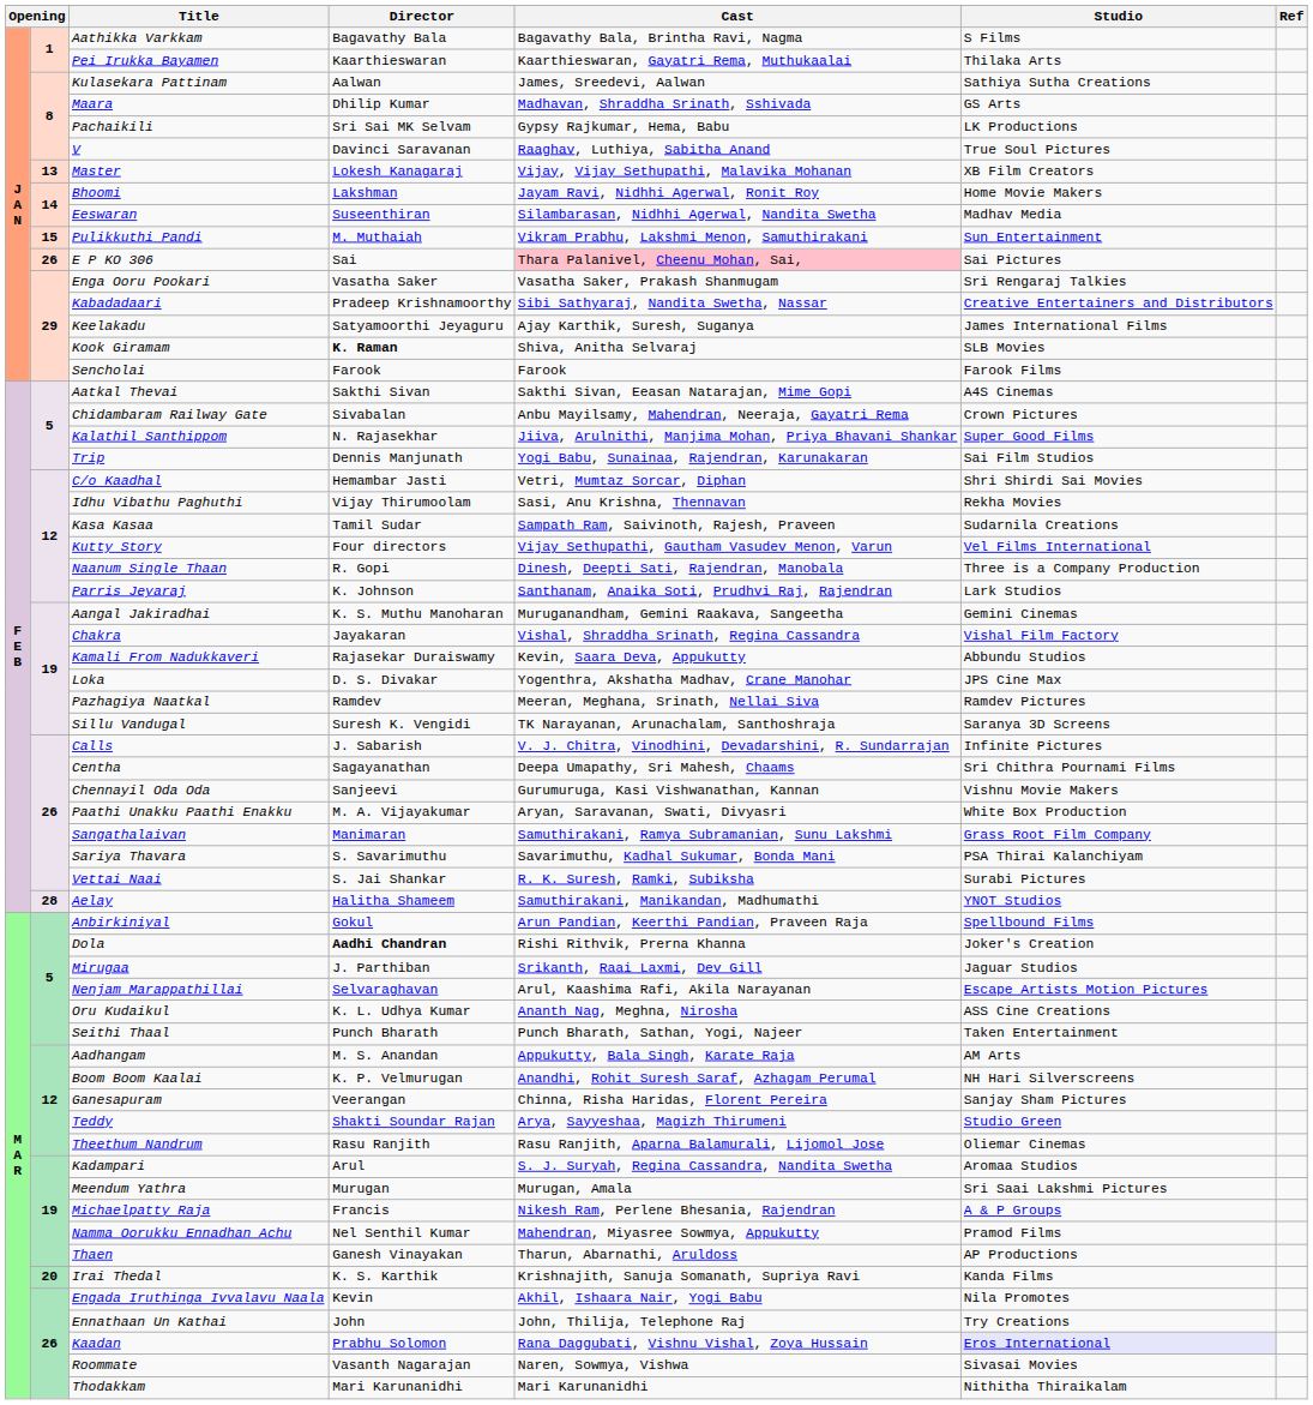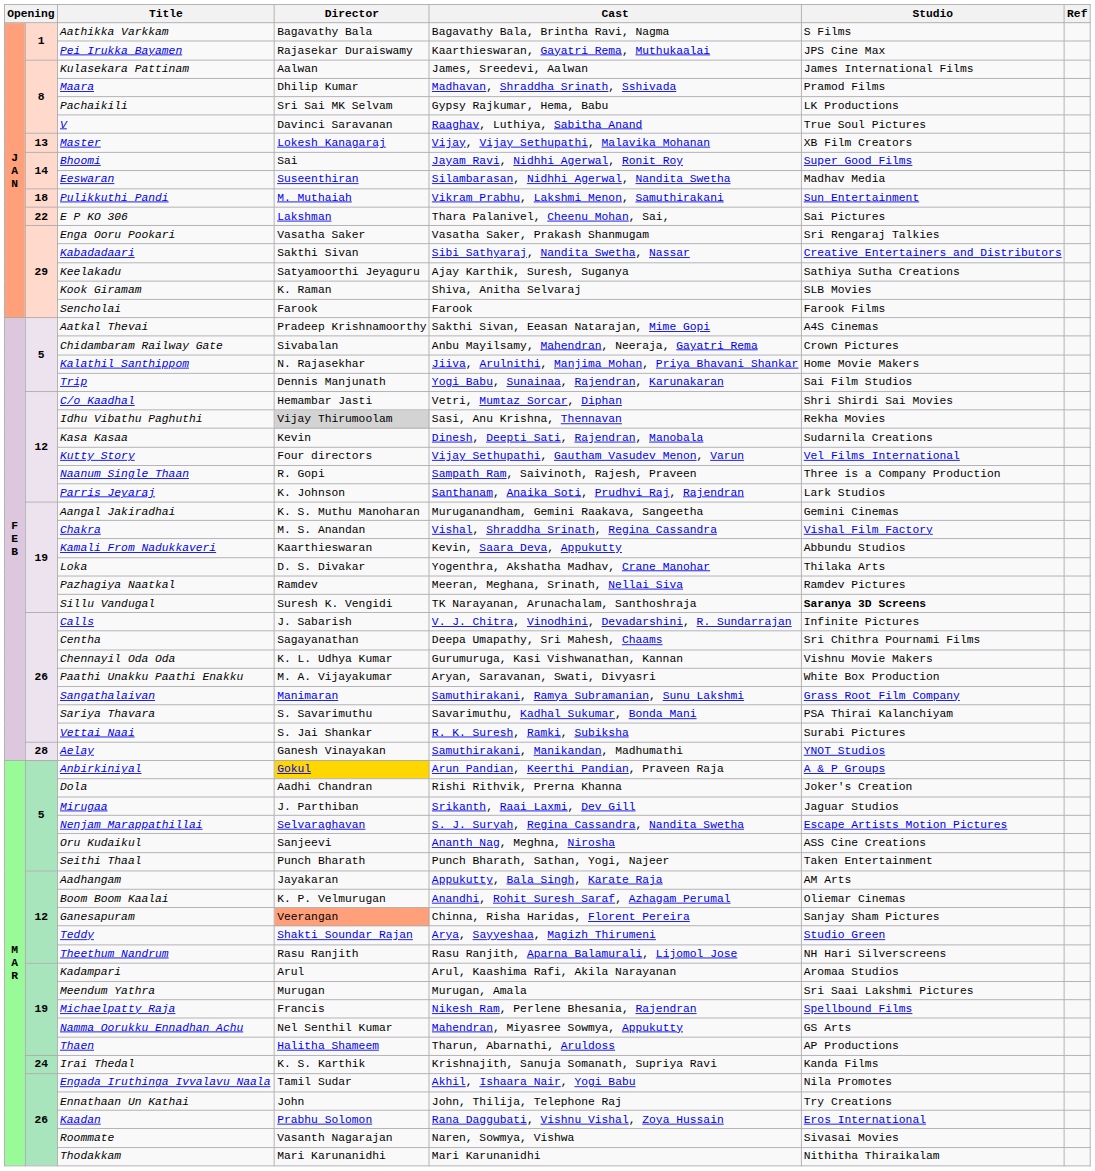 <table class="wikitable sortable">
 <tr>
 <th colspan="2">Opening</th>
 <th style="width:20%;">Title</th>
 <th>Director</th>
 <th>Cast</th>
 <th>Studio</th>
 <th>Ref</th>
 </tr>
 <tr>
 <td rowspan="16" style="text-align:center; background:#ffa07a; textcolor:#000;"><strong>J<br>A<br>N</strong></td>
 <td rowspan="2" style="text-align:center; background:#ffdacc;"><strong>1</strong></td>
 <td><em>Aathikka Varkkam</em></td>
 <td>Bagavathy Bala</td>
 <td>Bagavathy Bala, Brintha Ravi, Nagma</td>
 <td>S Films</td>
 <td></td>
 </tr>
 <tr>
 <td><em><a href='#'>Pei Irukka Bayamen</a></em></td>
-<td>Kaarthieswaran</td>
+<td>Rajasekar Duraiswamy</td>
 <td>Kaarthieswaran, <a href='#'>Gayatri Rema</a>, <a href='#'>Muthukaalai</a></td>
-<td>Thilaka Arts</td>
+<td>JPS Cine Max</td>
 <td></td>
 </tr>
 <tr>
 <td rowspan="4" style="text-align:center; background:#ffdacc;"><strong>8</strong></td>
 <td><em>Kulasekara Pattinam</em></td>
 <td>Aalwan</td>
 <td>James, Sreedevi, Aalwan</td>
-<td>Sathiya Sutha Creations</td>
+<td>James International Films</td>
 <td></td>
 </tr>
 <tr>
 <td><em><a href='#'>Maara</a></em></td>
 <td>Dhilip Kumar</td>
 <td><a href='#'>Madhavan</a>, <a href='#'>Shraddha Srinath</a>, <a href='#'>Sshivada</a></td>
-<td>GS Arts</td>
+<td>Pramod Films</td>
 <td></td>
 </tr>
 <tr>
 <td><em>Pachaikili</em></td>
 <td>Sri Sai MK Selvam</td>
 <td>Gypsy Rajkumar, Hema, Babu</td>
 <td>LK Productions</td>
 <td></td>
 </tr>
 <tr>
 <td><em><a href='#'>V</a></em></td>
 <td>Davinci Saravanan</td>
 <td><a href='#'>Raaghav</a>, Luthiya, <a href='#'>Sabitha Anand</a></td>
 <td>True Soul Pictures</td>
 <td></td>
 </tr>
 <tr>
 <td style="text-align:center; background:#ffdacc;"><strong>13</strong></td>
 <td><em><a href='#'>Master</a></em></td>
 <td><a href='#'>Lokesh Kanagaraj</a></td>
 <td><a href='#'>Vijay</a>, <a href='#'>Vijay Sethupathi</a>, <a href='#'>Malavika Mohanan</a></td>
 <td>XB Film Creators</td>
 <td></td>
 </tr>
 <tr>
 <td rowspan="2" style="text-align:center; background:#ffdacc;"><strong>14</strong></td>
 <td><em><a href='#'>Bhoomi</a></em></td>
-<td><a href='#'>Lakshman</a></td>
+<td>Sai</td>
 <td><a href='#'>Jayam Ravi</a>, <a href='#'>Nidhhi Agerwal</a>, <a href='#'>Ronit Roy</a></td>
-<td>Home Movie Makers</td>
+<td><a href='#'>Super Good Films</a></td>
 <td></td>
 </tr>
 <tr>
 <td><em><a href='#'>Eeswaran</a></em></td>
 <td><a href='#'>Suseenthiran</a></td>
 <td><a href='#'>Silambarasan</a>, <a href='#'>Nidhhi Agerwal</a>, <a href='#'>Nandita Swetha</a></td>
 <td>Madhav Media</td>
 <td></td>
 </tr>
 <tr>
-<td style="text-align:center; background:#ffdacc;"><strong>15</strong></td>
+<td style="text-align:center; background:#ffdacc;"><strong>18</strong></td>
 <td><em><a href='#'>Pulikkuthi Pandi</a></em></td>
 <td><a href='#'>M. Muthaiah</a></td>
 <td><a href='#'>Vikram Prabhu</a>, <a href='#'>Lakshmi Menon</a>, <a href='#'>Samuthirakani</a></td>
 <td><a href='#'>Sun Entertainment</a></td>
 <td></td>
 </tr>
 <tr>
-<td style="text-align:center; background:#ffdacc;"><strong>26</strong></td>
+<td style="text-align:center; background:#ffdacc;"><strong>22</strong></td>
 <td><em>E P KO 306</em></td>
-<td>Sai</td>
-<td style="background: pink;">Thara Palanivel, <a href='#'>Cheenu Mohan</a>, Sai,</td>
+<td><a href='#'>Lakshman</a></td>
+<td>Thara Palanivel, <a href='#'>Cheenu Mohan</a>, Sai,</td>
 <td>Sai Pictures</td>
 <td></td>
 </tr>
 <tr>
 <td rowspan="5" style="text-align:center; background:#ffdacc;"><strong>29</strong></td>
 <td><em>Enga Ooru Pookari</em></td>
 <td>Vasatha Saker</td>
 <td>Vasatha Saker, Prakash Shanmugam</td>
 <td>Sri Rengaraj Talkies</td>
 <td></td>
 </tr>
 <tr>
 <td><em><a href='#'>Kabadadaari</a></em></td>
-<td>Pradeep Krishnamoorthy</td>
+<td>Sakthi Sivan</td>
 <td><a href='#'>Sibi Sathyaraj</a>, <a href='#'>Nandita Swetha</a>, <a href='#'>Nassar</a></td>
 <td><a href='#'>Creative Entertainers and Distributors</a></td>
 <td></td>
 </tr>
 <tr>
 <td><em>Keelakadu</em></td>
 <td>Satyamoorthi Jeyaguru</td>
 <td>Ajay Karthik, Suresh, Suganya</td>
-<td>James International Films</td>
+<td>Sathiya Sutha Creations</td>
 <td></td>
 </tr>
 <tr>
 <td><em>Kook Giramam</em></td>
-<td><strong>K. Raman</strong></td>
+<td>K. Raman</td>
 <td>Shiva, Anitha Selvaraj</td>
 <td>SLB Movies</td>
 <td></td>
 </tr>
 <tr>
 <td><em>Sencholai</em></td>
 <td>Farook</td>
 <td>Farook</td>
 <td>Farook Films</td>
 <td></td>
 </tr>
 <tr>
 <td rowspan="24" style="text-align:center; background:#dcc7df; textcolor:#000;"><strong>F<br>E<br>B</strong></td>
 <td rowspan="4" style="text-align:center; background:#ede3ef;"><strong>5</strong></td>
 <td><em>Aatkal Thevai</em></td>
-<td>Sakthi Sivan</td>
+<td>Pradeep Krishnamoorthy</td>
 <td>Sakthi Sivan, Eeasan Natarajan, <a href='#'>Mime Gopi</a></td>
 <td>A4S Cinemas</td>
 <td></td>
 </tr>
 <tr>
 <td><em>Chidambaram Railway Gate</em></td>
 <td>Sivabalan</td>
 <td>Anbu Mayilsamy, <a href='#'>Mahendran</a>, Neeraja, <a href='#'>Gayatri Rema</a></td>
 <td>Crown Pictures</td>
 <td></td>
 </tr>
 <tr>
 <td><em><a href='#'>Kalathil Santhippom</a></em></td>
 <td>N. Rajasekhar</td>
 <td><a href='#'>Jiiva</a>, <a href='#'>Arulnithi</a>, <a href='#'>Manjima Mohan</a>, <a href='#'>Priya Bhavani Shankar</a></td>
-<td><a href='#'>Super Good Films</a></td>
+<td>Home Movie Makers</td>
 <td></td>
 </tr>
 <tr>
 <td><em><a href='#'>Trip</a></em></td>
 <td>Dennis Manjunath</td>
 <td><a href='#'>Yogi Babu</a>, <a href='#'>Sunainaa</a>, <a href='#'>Rajendran</a>, <a href='#'>Karunakaran</a></td>
 <td>Sai Film Studios</td>
 <td></td>
 </tr>
 <tr>
 <td rowspan="6" style="text-align:center; background:#ede3ef;"><strong>12</strong></td>
 <td><em><a href='#'>C/o Kaadhal</a></em></td>
 <td>Hemambar Jasti</td>
 <td>Vetri, <a href='#'>Mumtaz Sorcar</a>, <a href='#'>Diphan</a></td>
 <td>Shri Shirdi Sai Movies</td>
 <td></td>
 </tr>
 <tr>
 <td><em>Idhu Vibathu Paghuthi</em></td>
-<td>Vijay Thirumoolam</td>
+<td style="background: lightgrey;">Vijay Thirumoolam</td>
 <td>Sasi, Anu Krishna, <a href='#'>Thennavan</a></td>
 <td>Rekha Movies</td>
 <td></td>
 </tr>
 <tr>
 <td><em>Kasa Kasaa</em></td>
-<td>Tamil Sudar</td>
-<td><a href='#'>Sampath Ram</a>, Saivinoth,  Rajesh,  Praveen</td>
+<td>Kevin</td>
+<td><a href='#'>Dinesh</a>, <a href='#'>Deepti Sati</a>, <a href='#'>Rajendran</a>, <a href='#'>Manobala</a></td>
 <td>Sudarnila Creations</td>
 <td></td>
 </tr>
 <tr>
 <td><em><a href='#'>Kutty Story</a></em></td>
 <td>Four directors</td>
 <td><a href='#'>Vijay Sethupathi</a>, <a href='#'>Gautham Vasudev Menon</a>, <a href='#'>Varun</a></td>
 <td><a href='#'>Vel Films International</a></td>
 <td></td>
 </tr>
 <tr>
 <td><em><a href='#'>Naanum Single Thaan</a></em></td>
 <td>R. Gopi</td>
-<td><a href='#'>Dinesh</a>, <a href='#'>Deepti Sati</a>, <a href='#'>Rajendran</a>, <a href='#'>Manobala</a></td>
+<td><a href='#'>Sampath Ram</a>, Saivinoth,  Rajesh,  Praveen</td>
 <td>Three is a Company Production</td>
 <td></td>
 </tr>
 <tr>
 <td><em><a href='#'>Parris Jeyaraj</a></em></td>
 <td>K. Johnson</td>
 <td><a href='#'>Santhanam</a>, <a href='#'>Anaika Soti</a>, <a href='#'>Prudhvi Raj</a>, <a href='#'>Rajendran</a></td>
 <td>Lark Studios</td>
 <td></td>
 </tr>
 <tr>
 <td rowspan="6"  style="text-align:center; background:#ede3ef;"><strong>19</strong></td>
 <td><em>Aangal Jakiradhai</em></td>
 <td>K. S. Muthu Manoharan</td>
 <td>Muruganandham, Gemini Raakava, Sangeetha</td>
 <td>Gemini Cinemas</td>
 <td></td>
 </tr>
 <tr>
 <td><em><a href='#'>Chakra</a></em></td>
-<td>Jayakaran</td>
+<td>M. S. Anandan</td>
 <td><a href='#'>Vishal</a>, <a href='#'>Shraddha Srinath</a>, <a href='#'>Regina Cassandra</a></td>
 <td><a href='#'>Vishal Film Factory</a></td>
 <td></td>
 </tr>
 <tr>
 <td><em><a href='#'>Kamali From Nadukkaveri</a></em></td>
-<td>Rajasekar Duraiswamy</td>
+<td>Kaarthieswaran</td>
 <td>Kevin, <a href='#'>Saara Deva</a>, <a href='#'>Appukutty</a></td>
 <td>Abbundu Studios</td>
 <td></td>
 </tr>
 <tr>
 <td><em>Loka</em></td>
 <td>D. S. Divakar</td>
 <td>Yogenthra, Akshatha Madhav, <a href='#'>Crane Manohar</a></td>
-<td>JPS Cine Max</td>
+<td>Thilaka Arts</td>
 <td></td>
 </tr>
 <tr>
 <td><em>Pazhagiya Naatkal</em></td>
 <td>Ramdev</td>
 <td>Meeran, Meghana, Srinath, <a href='#'>Nellai Siva</a></td>
 <td>Ramdev Pictures</td>
 <td></td>
 </tr>
 <tr>
 <td><em>Sillu Vandugal</em></td>
 <td>Suresh K. Vengidi</td>
 <td>TK Narayanan, Arunachalam, Santhoshraja</td>
-<td>Saranya 3D Screens</td>
+<td><strong>Saranya 3D Screens</strong></td>
 <td></td>
 </tr>
 <tr>
 <td rowspan="7"  style="text-align:center; background:#ede3ef;"><strong>26</strong></td>
 <td><em><a href='#'>Calls</a></em></td>
 <td>J. Sabarish</td>
 <td><a href='#'>V. J. Chitra</a>, <a href='#'>Vinodhini</a>, <a href='#'>Devadarshini</a>, <a href='#'>R. Sundarrajan</a></td>
 <td>Infinite Pictures</td>
 <td></td>
 </tr>
 <tr>
 <td><em>Centha</em></td>
 <td>Sagayanathan</td>
 <td>Deepa Umapathy, Sri Mahesh, <a href='#'>Chaams</a></td>
 <td>Sri Chithra Pournami Films</td>
 <td></td>
 </tr>
 <tr>
 <td><em>Chennayil Oda Oda</em></td>
-<td>Sanjeevi</td>
+<td>K. L. Udhya Kumar</td>
 <td>Gurumuruga, Kasi Vishwanathan, Kannan</td>
 <td>Vishnu Movie Makers</td>
 <td></td>
 </tr>
 <tr>
 <td><em>Paathi Unakku Paathi Enakku</em></td>
 <td>M. A. Vijayakumar</td>
 <td>Aryan, Saravanan, Swati, Divyasri</td>
 <td>White Box Production</td>
 <td></td>
 </tr>
 <tr>
 <td><em><a href='#'>Sangathalaivan</a></em></td>
 <td><a href='#'>Manimaran</a></td>
 <td><a href='#'>Samuthirakani</a>, <a href='#'>Ramya Subramanian</a>, <a href='#'>Sunu Lakshmi</a></td>
 <td><a href='#'>Grass Root Film Company</a></td>
 <td></td>
 </tr>
 <tr>
 <td><em>Sariya Thavara</em></td>
 <td>S. Savarimuthu</td>
 <td>Savarimuthu, <a href='#'>Kadhal Sukumar</a>, <a href='#'>Bonda Mani</a></td>
 <td>PSA Thirai Kalanchiyam</td>
 <td></td>
 </tr>
 <tr>
 <td><em><a href='#'>Vettai Naai</a></em></td>
 <td>S. Jai Shankar</td>
 <td><a href='#'>R. K. Suresh</a>, <a href='#'>Ramki</a>, <a href='#'>Subiksha</a></td>
 <td>Surabi Pictures</td>
 <td></td>
 </tr>
 <tr>
 <td style="text-align:center; background:#ede3ef;"><strong>28</strong></td>
 <td><em><a href='#'>Aelay</a></em></td>
-<td><a href='#'>Halitha Shameem</a></td>
+<td>Ganesh Vinayakan</td>
 <td><a href='#'>Samuthirakani</a>, <a href='#'>Manikandan</a>, Madhumathi</td>
 <td><a href='#'>YNOT Studios</a></td>
 <td></td>
 </tr>
 <tr March!>
 <td rowspan="23"  style="text-align:center; background:#98fb98; textcolor:#000;"><strong>M<br>A<br>R</strong></td>
 <td rowspan="6" style="text-align:center; background:#a8e4bc;"><strong>5</strong></td>
 <td><em><a href='#'>Anbirkiniyal</a></em></td>
-<td><a href='#'>Gokul</a></td>
+<td style="background: gold;"><a href='#'>Gokul</a></td>
 <td><a href='#'>Arun Pandian</a>, <a href='#'>Keerthi Pandian</a>, Praveen Raja</td>
-<td><a href='#'>Spellbound Films</a></td>
+<td><a href='#'>A & P Groups</a></td>
 <td></td>
 </tr>
 <tr>
 <td><em>Dola</em></td>
-<td><strong>Aadhi Chandran</strong></td>
+<td>Aadhi Chandran</td>
 <td>Rishi Rithvik, Prerna Khanna</td>
 <td>Joker's Creation</td>
 <td></td>
 </tr>
 <tr>
 <td><em><a href='#'>Mirugaa</a></em></td>
 <td>J. Parthiban</td>
 <td><a href='#'>Srikanth</a>, <a href='#'>Raai Laxmi</a>, <a href='#'>Dev Gill</a></td>
 <td>Jaguar Studios</td>
 <td></td>
 </tr>
 <tr>
 <td><em><a href='#'>Nenjam Marappathillai</a></em></td>
 <td><a href='#'>Selvaraghavan</a></td>
-<td>Arul, Kaashima Rafi, Akila Narayanan</td>
+<td><a href='#'>S. J. Suryah</a>, <a href='#'>Regina Cassandra</a>, <a href='#'>Nandita Swetha</a></td>
 <td><a href='#'>Escape Artists Motion Pictures</a></td>
 <td></td>
 </tr>
 <tr>
 <td><em>Oru Kudaikul</em></td>
-<td>K. L. Udhya Kumar</td>
+<td>Sanjeevi</td>
 <td><a href='#'>Ananth Nag</a>, Meghna, <a href='#'>Nirosha</a></td>
 <td>ASS Cine Creations</td>
 <td></td>
 </tr>
 <tr>
 <td><em>Seithi Thaal</em></td>
 <td>Punch Bharath</td>
 <td>Punch Bharath, Sathan, Yogi, Najeer</td>
 <td>Taken Entertainment</td>
 <td></td>
 </tr>
 <tr>
 <td rowspan="5" style="text-align:center; background:#a8e4bc;"><strong>12</strong></td>
 <td><em>Aadhangam</em></td>
-<td>M. S. Anandan</td>
+<td>Jayakaran</td>
 <td><a href='#'>Appukutty</a>, <a href='#'>Bala Singh</a>, <a href='#'>Karate Raja</a></td>
 <td>AM Arts</td>
 <td></td>
 </tr>
 <tr>
 <td><em>Boom Boom Kaalai</em></td>
 <td>K. P. Velmurugan</td>
 <td><a href='#'>Anandhi</a>, <a href='#'>Rohit Suresh Saraf</a>, <a href='#'>Azhagam Perumal</a></td>
-<td>NH Hari Silverscreens</td>
+<td>Oliemar Cinemas</td>
 <td></td>
 </tr>
 <tr>
 <td><em>Ganesapuram</em></td>
-<td>Veerangan</td>
+<td style="background: lightsalmon;">Veerangan</td>
 <td>Chinna, Risha Haridas, <a href='#'>Florent Pereira</a></td>
 <td>Sanjay Sham Pictures</td>
 <td></td>
 </tr>
 <tr>
 <td><em><a href='#'>Teddy</a></em></td>
 <td><a href='#'>Shakti Soundar Rajan</a></td>
 <td><a href='#'>Arya</a>, <a href='#'>Sayyeshaa</a>, <a href='#'>Magizh Thirumeni</a></td>
 <td><a href='#'>Studio Green</a></td>
 <td></td>
 </tr>
 <tr>
 <td><em><a href='#'>Theethum Nandrum</a></em></td>
 <td>Rasu Ranjith</td>
 <td>Rasu Ranjith, <a href='#'>Aparna Balamurali</a>, <a href='#'>Lijomol Jose</a></td>
-<td>Oliemar Cinemas</td>
+<td>NH Hari Silverscreens</td>
 <td></td>
 </tr>
 <tr>
 <td rowspan="5" style="text-align:center; background:#a8e4bc;"><strong>19</strong></td>
 <td><em>Kadampari</em></td>
 <td>Arul</td>
-<td><a href='#'>S. J. Suryah</a>, <a href='#'>Regina Cassandra</a>, <a href='#'>Nandita Swetha</a></td>
+<td>Arul, Kaashima Rafi, Akila Narayanan</td>
 <td>Aromaa Studios</td>
 <td></td>
 </tr>
 <tr>
 <td><em>Meendum Yathra</em></td>
 <td>Murugan</td>
 <td>Murugan, Amala</td>
 <td>Sri Saai Lakshmi Pictures</td>
 <td></td>
 </tr>
 <tr>
 <td><em><a href='#'>Michaelpatty Raja</a></em></td>
 <td>Francis</td>
 <td><a href='#'>Nikesh Ram</a>, Perlene Bhesania, <a href='#'>Rajendran</a></td>
-<td><a href='#'>A & P Groups</a></td>
+<td><a href='#'>Spellbound Films</a></td>
 <td></td>
 </tr>
 <tr>
 <td><em><a href='#'>Namma Oorukku Ennadhan Achu</a></em></td>
 <td>Nel Senthil Kumar</td>
 <td><a href='#'>Mahendran</a>, Miyasree Sowmya, <a href='#'>Appukutty</a></td>
-<td>Pramod Films</td>
+<td>GS Arts</td>
 <td></td>
 </tr>
 <tr>
 <td><em><a href='#'>Thaen</a></em></td>
-<td>Ganesh Vinayakan</td>
+<td><a href='#'>Halitha Shameem</a></td>
 <td>Tharun, Abarnathi, <a href='#'>Aruldoss</a></td>
 <td>AP Productions</td>
 <td></td>
 </tr>
 <tr>
-<td style="text-align:center; background:#a8e4bc;"><strong>20</strong></td>
+<td style="text-align:center; background:#a8e4bc;"><strong>24</strong></td>
 <td><em>Irai Thedal</em></td>
 <td>K. S. Karthik</td>
 <td>Krishnajith, Sanuja Somanath, Supriya Ravi</td>
 <td>Kanda Films</td>
 <td></td>
 </tr>
 <tr>
 <td rowspan="5" style="text-align:center; background:#a8e4bc;"><strong>26</strong></td>
 <td><em><a href='#'>Engada Iruthinga Ivvalavu Naala</a></em></td>
-<td>Kevin</td>
+<td>Tamil Sudar</td>
 <td><a href='#'>Akhil</a>, <a href='#'>Ishaara Nair</a>, <a href='#'>Yogi Babu</a></td>
 <td>Nila Promotes</td>
 <td></td>
 </tr>
 <tr>
 <td><em>Ennathaan Un Kathai</em></td>
 <td>John</td>
 <td>John, Thilija, Telephone Raj</td>
 <td>Try Creations</td>
 <td></td>
 </tr>
 <tr>
 <td><em><a href='#'>Kaadan</a></em></td>
 <td><a href='#'>Prabhu Solomon</a></td>
 <td><a href='#'>Rana Daggubati</a>, <a href='#'>Vishnu Vishal</a>, <a href='#'>Zoya Hussain</a></td>
-<td style="background: lavender;"><a href='#'>Eros International</a></td>
+<td><a href='#'>Eros International</a></td>
 <td></td>
 </tr>
 <tr>
 <td><em>Roommate</em></td>
 <td>Vasanth Nagarajan</td>
 <td>Naren, Sowmya, Vishwa</td>
 <td>Sivasai Movies</td>
 <td></td>
 </tr>
 <tr>
 <td><em>Thodakkam</em></td>
 <td>Mari Karunanidhi</td>
 <td>Mari Karunanidhi</td>
 <td>Nithitha Thiraikalam</td>
 <td></td>
 </tr>
 </table>
